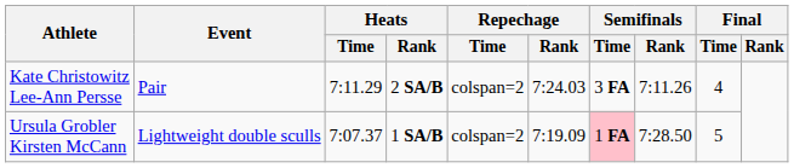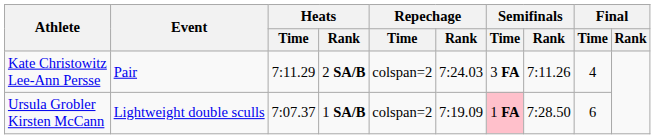 <table class="wikitable" style="font-size:90%">
 <tr>
 <th rowspan="2">Athlete</th>
 <th rowspan="2">Event</th>
 <th colspan="2">Heats</th>
 <th colspan="2">Repechage</th>
 <th colspan="2">Semifinals</th>
 <th colspan="2">Final</th>
 </tr>
 <tr style="font-size:95%">
 <th>Time</th>
 <th>Rank</th>
 <th>Time</th>
 <th>Rank</th>
 <th>Time</th>
 <th>Rank</th>
 <th>Time</th>
 <th>Rank</th>
 </tr>
 <tr align=center>
 <td align=left><a href='#'>Kate Christowitz</a><br><a href='#'>Lee-Ann Persse</a></td>
 <td align=left><a href='#'>Pair</a></td>
 <td>7:11.29</td>
 <td>2 <strong>SA/B</strong></td>
 <td>colspan=2 </td>
 <td>7:24.03</td>
 <td>3 <strong>FA</strong></td>
 <td>7:11.26</td>
 <td>4</td>
 </tr>
 <tr align=center>
 <td align=left><a href='#'>Ursula Grobler</a><br><a href='#'>Kirsten McCann</a></td>
 <td align=left><a href='#'>Lightweight double sculls</a></td>
 <td>7:07.37</td>
 <td>1 <strong>SA/B</strong></td>
 <td>colspan=2 </td>
 <td>7:19.09</td>
 <td style="background: pink;">1 <strong>FA</strong></td>
 <td>7:28.50</td>
-<td>5</td>
+<td>6</td>
 </tr>
 </table>
